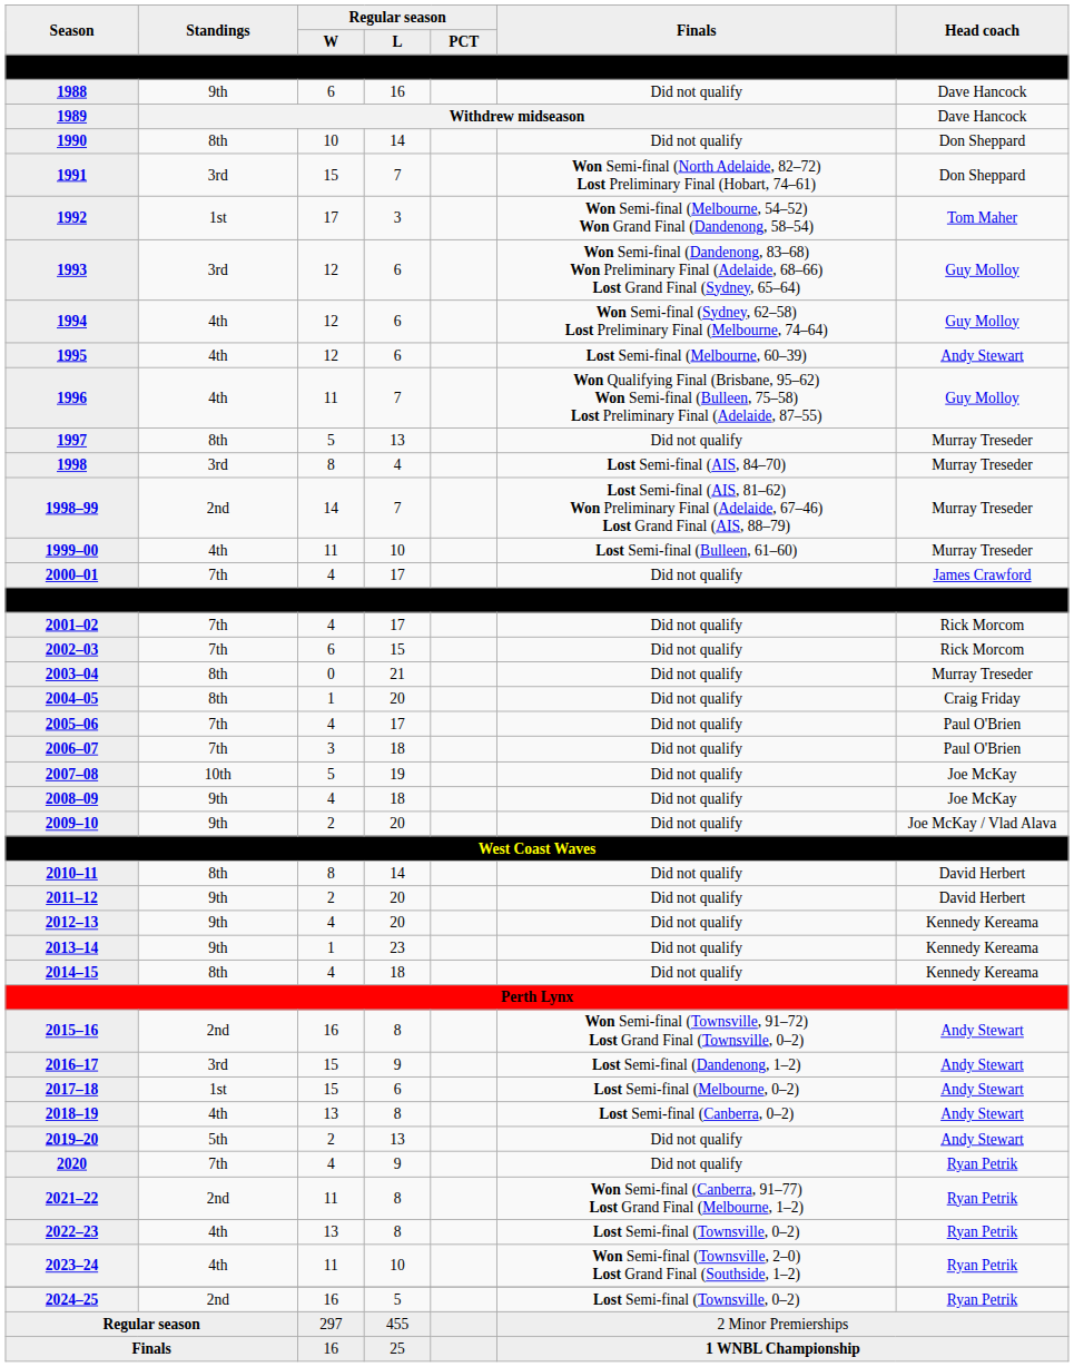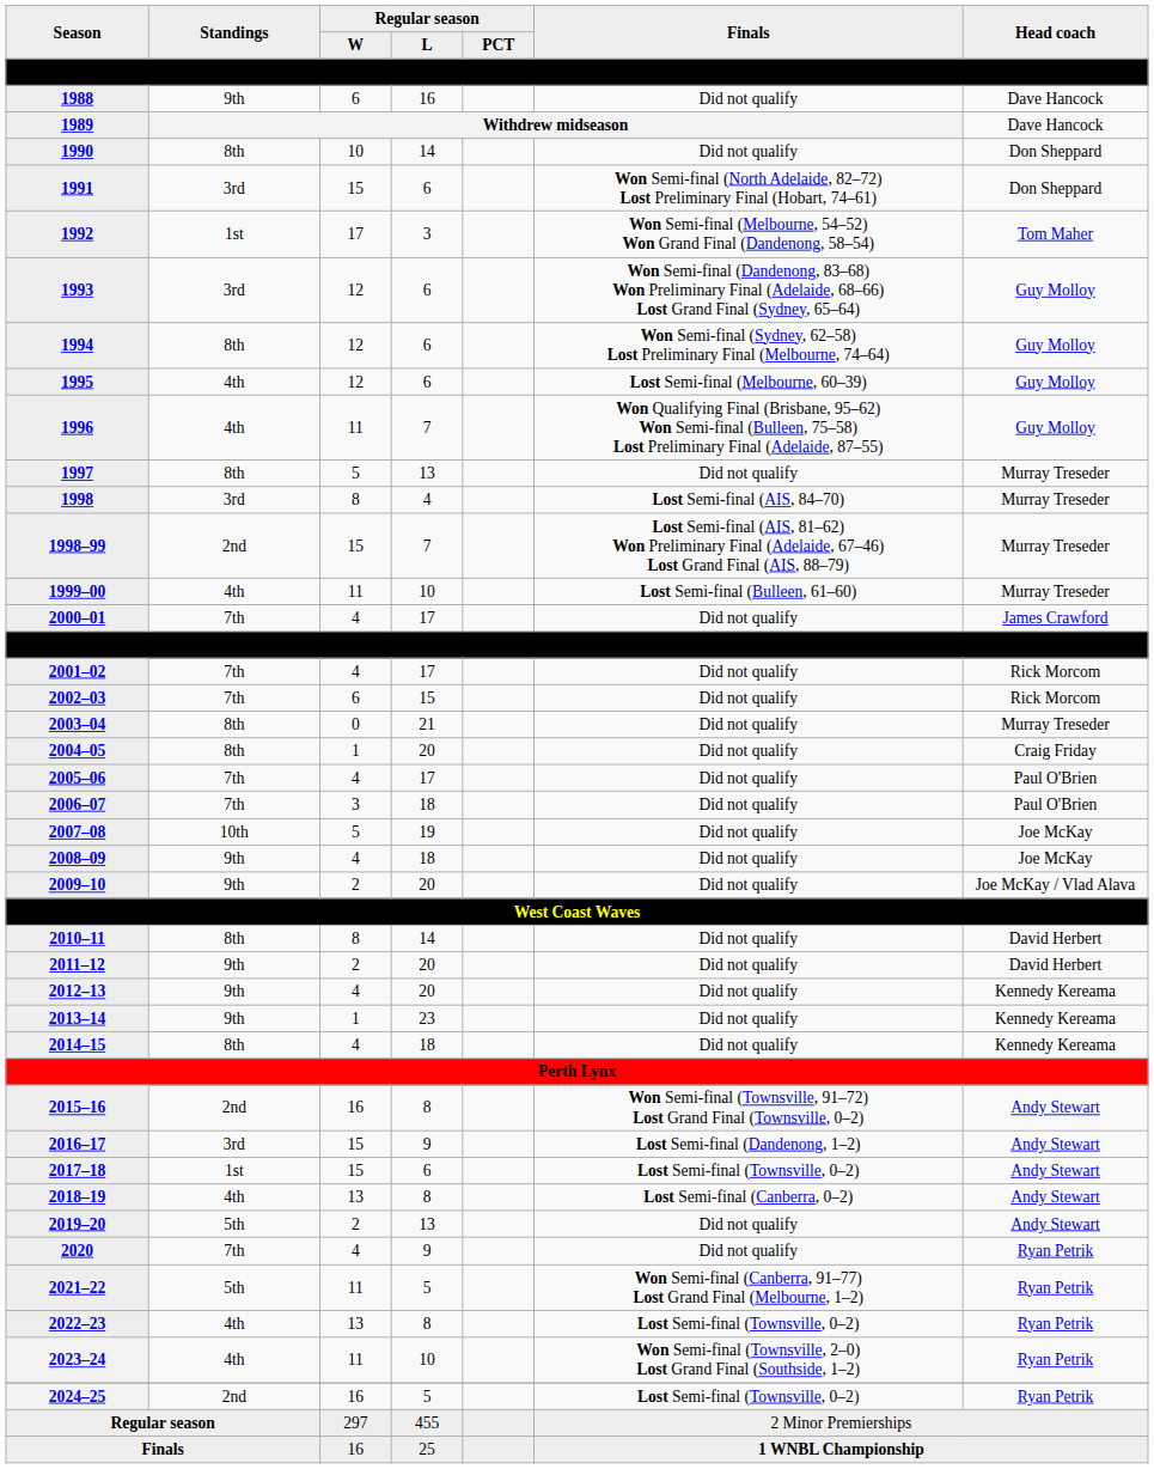 <table class="wikitable" style="font-size:95%; text-align: center; width: 85%; margin:1em auto;">
 <tr>
 <th rowspan=2 style="background:#eee; width: 10%;">Season</th>
 <th rowspan=2 style="background:#eee; width: 12%;">Standings</th>
 <th colspan=3 style="background:#eee; width: 15%;">Regular season</th>
 <th rowspan=2 style="background:#eee; width: 30%;">Finals</th>
 <th rowspan=2 style="background:#eee; width: 13%;">Head coach</th>
 </tr>
 <tr>
 <th style="background:#eee; width: 5%;">W</th>
 <th style="background:#eee; width: 5%;">L</th>
 <th style="background:#eee; width: 5%;">PCT</th>
 </tr>
 <tr>
 <th colspan=7 style="background:black"><span>Perth Breakers</span></th>
 </tr>
 <tr>
 <th scope="row" style="background:#eee;"><a href='#'>1988</a></th>
 <td>9th</td>
 <td>6</td>
 <td>16</td>
 <td></td>
 <td>Did not qualify</td>
 <td>Dave Hancock</td>
 </tr>
 <tr>
 <th scope="row" style="background:#eee;"><a href='#'>1989</a></th>
 <th colspan=5>Withdrew midseason</th>
 <td>Dave Hancock</td>
 </tr>
 <tr>
 <th scope="row" style="background:#eee;"><a href='#'>1990</a></th>
 <td>8th</td>
 <td>10</td>
 <td>14</td>
 <td></td>
 <td>Did not qualify</td>
 <td>Don Sheppard</td>
 </tr>
 <tr>
 <th scope="row" style="background:#eee;"><a href='#'>1991</a></th>
 <td>3rd</td>
 <td>15</td>
-<td>7</td>
+<td>6</td>
 <td></td>
 <td><strong>Won</strong> Semi-final (<a href='#'>North Adelaide</a>, 82–72) <br> <strong>Lost</strong> Preliminary Final (Hobart, 74–61)</td>
 <td>Don Sheppard</td>
 </tr>
 <tr>
 <th scope="row" style="background:#eee;"><a href='#'>1992</a></th>
 <td>1st</td>
 <td>17</td>
 <td>3</td>
 <td></td>
 <td><strong>Won</strong> Semi-final (<a href='#'>Melbourne</a>, 54–52) <br> <strong>Won</strong> Grand Final (<a href='#'>Dandenong</a>, 58–54)</td>
 <td><a href='#'>Tom Maher</a></td>
 </tr>
 <tr>
 <th scope="row" style="background:#eee;"><a href='#'>1993</a></th>
 <td>3rd</td>
 <td>12</td>
 <td>6</td>
 <td></td>
 <td><strong>Won</strong> Semi-final (<a href='#'>Dandenong</a>, 83–68) <br> <strong>Won</strong> Preliminary Final (<a href='#'>Adelaide</a>, 68–66) <br> <strong>Lost</strong> Grand Final (<a href='#'>Sydney</a>, 65–64)</td>
 <td><a href='#'>Guy Molloy</a></td>
 </tr>
 <tr>
 <th scope="row" style="background:#eee;"><a href='#'>1994</a></th>
-<td>4th</td>
+<td>8th</td>
 <td>12</td>
 <td>6</td>
 <td></td>
 <td><strong>Won</strong> Semi-final (<a href='#'>Sydney</a>, 62–58) <br> <strong>Lost</strong> Preliminary Final (<a href='#'>Melbourne</a>, 74–64)</td>
 <td><a href='#'>Guy Molloy</a></td>
 </tr>
 <tr>
 <th scope="row" style="background:#eee;"><a href='#'>1995</a></th>
 <td>4th</td>
 <td>12</td>
 <td>6</td>
 <td></td>
 <td><strong>Lost</strong> Semi-final (<a href='#'>Melbourne</a>, 60–39)</td>
-<td><a href='#'>Andy Stewart</a></td>
+<td><a href='#'>Guy Molloy</a></td>
 </tr>
 <tr>
 <th scope="row" style="background:#eee;"><a href='#'>1996</a></th>
 <td>4th</td>
 <td>11</td>
 <td>7</td>
 <td></td>
 <td><strong>Won</strong> Qualifying Final (Brisbane, 95–62) <br> <strong>Won</strong> Semi-final (<a href='#'>Bulleen</a>, 75–58) <br> <strong>Lost</strong> Preliminary Final (<a href='#'>Adelaide</a>, 87–55)</td>
 <td><a href='#'>Guy Molloy</a></td>
 </tr>
 <tr>
 <th scope="row" style="background:#eee;"><a href='#'>1997</a></th>
 <td>8th</td>
 <td>5</td>
 <td>13</td>
 <td></td>
 <td>Did not qualify</td>
 <td>Murray Treseder</td>
 </tr>
 <tr>
 <th scope="row" style="background:#eee;"><a href='#'>1998</a></th>
 <td>3rd</td>
 <td>8</td>
 <td>4</td>
 <td></td>
 <td><strong>Lost</strong> Semi-final (<a href='#'>AIS</a>, 84–70)</td>
 <td>Murray Treseder</td>
 </tr>
 <tr>
 <th scope="row" style="background:#eee;"><a href='#'>1998–99</a></th>
 <td>2nd</td>
-<td>14</td>
+<td>15</td>
 <td>7</td>
 <td></td>
 <td><strong>Lost</strong> Semi-final (<a href='#'>AIS</a>, 81–62) <br> <strong>Won</strong> Preliminary Final (<a href='#'>Adelaide</a>, 67–46) <br> <strong>Lost</strong> Grand Final (<a href='#'>AIS</a>, 88–79)</td>
 <td>Murray Treseder</td>
 </tr>
 <tr>
 <th scope="row" style="background:#eee;"><a href='#'>1999–00</a></th>
 <td>4th</td>
 <td>11</td>
 <td>10</td>
 <td></td>
 <td><strong>Lost</strong> Semi-final (<a href='#'>Bulleen</a>, 61–60)</td>
 <td>Murray Treseder</td>
 </tr>
 <tr>
 <th scope="row" style="background:#eee;"><a href='#'>2000–01</a></th>
 <td>7th</td>
 <td>4</td>
 <td>17</td>
 <td></td>
 <td>Did not qualify</td>
 <td><a href='#'>James Crawford</a></td>
 </tr>
 <tr>
 <th colspan=7 style="background:black"><span>Perth Lynx</span></th>
 </tr>
 <tr>
 <th scope="row" style="background:#eee;"><a href='#'>2001–02</a></th>
 <td>7th</td>
 <td>4</td>
 <td>17</td>
 <td></td>
 <td>Did not qualify</td>
 <td>Rick Morcom</td>
 </tr>
 <tr>
 <th scope="row" style="background:#eee;"><a href='#'>2002–03</a></th>
 <td>7th</td>
 <td>6</td>
 <td>15</td>
 <td></td>
 <td>Did not qualify</td>
 <td>Rick Morcom</td>
 </tr>
 <tr>
 <th scope="row" style="background:#eee;"><a href='#'>2003–04</a></th>
 <td>8th</td>
 <td>0</td>
 <td>21</td>
 <td></td>
 <td>Did not qualify</td>
 <td>Murray Treseder</td>
 </tr>
 <tr>
 <th scope="row" style="background:#eee;"><a href='#'>2004–05</a></th>
 <td>8th</td>
 <td>1</td>
 <td>20</td>
 <td></td>
 <td>Did not qualify</td>
 <td>Craig Friday</td>
 </tr>
 <tr>
 <th scope="row" style="background:#eee;"><a href='#'>2005–06</a></th>
 <td>7th</td>
 <td>4</td>
 <td>17</td>
 <td></td>
 <td>Did not qualify</td>
 <td>Paul O'Brien</td>
 </tr>
 <tr>
 <th scope="row" style="background:#eee;"><a href='#'>2006–07</a></th>
 <td>7th</td>
 <td>3</td>
 <td>18</td>
 <td></td>
 <td>Did not qualify</td>
 <td>Paul O'Brien</td>
 </tr>
 <tr>
 <th scope="row" style="background:#eee;"><a href='#'>2007–08</a></th>
 <td>10th</td>
 <td>5</td>
 <td>19</td>
 <td></td>
 <td>Did not qualify</td>
 <td>Joe McKay</td>
 </tr>
 <tr>
 <th scope="row" style="background:#eee;"><a href='#'>2008–09</a></th>
 <td>9th</td>
 <td>4</td>
 <td>18</td>
 <td></td>
 <td>Did not qualify</td>
 <td>Joe McKay</td>
 </tr>
 <tr>
 <th scope="row" style="background:#eee;"><a href='#'>2009–10</a></th>
 <td>9th</td>
 <td>2</td>
 <td>20</td>
 <td></td>
 <td>Did not qualify</td>
 <td>Joe McKay / Vlad Alava</td>
 </tr>
 <tr>
 <th colspan=7 style="background:black; color:yellow;">West Coast Waves</th>
 </tr>
 <tr>
 <th scope="row" style="background:#eee;"><a href='#'>2010–11</a></th>
 <td>8th</td>
 <td>8</td>
 <td>14</td>
 <td></td>
 <td>Did not qualify</td>
 <td>David Herbert</td>
 </tr>
 <tr>
 <th scope="row" style="background:#eee;"><a href='#'>2011–12</a></th>
 <td>9th</td>
 <td>2</td>
 <td>20</td>
 <td></td>
 <td>Did not qualify</td>
 <td>David Herbert</td>
 </tr>
 <tr>
 <th scope="row" style="background:#eee;"><a href='#'>2012–13</a></th>
 <td>9th</td>
 <td>4</td>
 <td>20</td>
 <td></td>
 <td>Did not qualify</td>
 <td>Kennedy Kereama</td>
 </tr>
 <tr>
 <th scope="row" style="background:#eee;"><a href='#'>2013–14</a></th>
 <td>9th</td>
 <td>1</td>
 <td>23</td>
 <td></td>
 <td>Did not qualify</td>
 <td>Kennedy Kereama</td>
 </tr>
 <tr>
 <th scope="row" style="background:#eee;"><a href='#'>2014–15</a></th>
 <td>8th</td>
 <td>4</td>
 <td>18</td>
 <td></td>
 <td>Did not qualify</td>
 <td>Kennedy Kereama</td>
 </tr>
 <tr>
 <th colspan=7 style="background:red; colour:black;">Perth Lynx</th>
 </tr>
 <tr>
 <th scope="row" style="background:#eee;"><a href='#'>2015–16</a></th>
 <td>2nd</td>
 <td>16</td>
 <td>8</td>
 <td></td>
 <td><strong>Won</strong> Semi-final (<a href='#'>Townsville</a>, 91–72) <br> <strong>Lost</strong> Grand Final (<a href='#'>Townsville</a>, 0–2)</td>
 <td><a href='#'>Andy Stewart</a></td>
 </tr>
 <tr>
 <th scope="row" style="background:#eee;"><a href='#'>2016–17</a></th>
 <td>3rd</td>
 <td>15</td>
 <td>9</td>
 <td></td>
 <td><strong>Lost</strong> Semi-final (<a href='#'>Dandenong</a>, 1–2)</td>
 <td><a href='#'>Andy Stewart</a></td>
 </tr>
 <tr>
 <th scope="row" style="background:#eee;"><a href='#'>2017–18</a></th>
 <td>1st</td>
 <td>15</td>
 <td>6</td>
 <td></td>
-<td><strong>Lost</strong> Semi-final (<a href='#'>Melbourne</a>, 0–2)</td>
+<td><strong>Lost</strong> Semi-final (<a href='#'>Townsville</a>, 0–2)</td>
 <td><a href='#'>Andy Stewart</a></td>
 </tr>
 <tr>
 <th scope="row" style="background:#eee;"><a href='#'>2018–19</a></th>
 <td>4th</td>
 <td>13</td>
 <td>8</td>
 <td></td>
 <td><strong>Lost</strong> Semi-final (<a href='#'>Canberra</a>, 0–2)</td>
 <td><a href='#'>Andy Stewart</a></td>
 </tr>
 <tr>
 <th scope="row" style="background:#eee;"><a href='#'>2019–20</a></th>
 <td>5th</td>
 <td>2</td>
 <td>13</td>
 <td></td>
 <td>Did not qualify</td>
 <td><a href='#'>Andy Stewart</a></td>
 </tr>
 <tr>
 <th scope="row" style="background:#eee;"><a href='#'>2020</a></th>
 <td>7th</td>
 <td>4</td>
 <td>9</td>
 <td></td>
 <td>Did not qualify</td>
 <td><a href='#'>Ryan Petrik</a></td>
 </tr>
 <tr>
 <th scope="row" style="background:#eee;"><a href='#'>2021–22</a></th>
-<td>2nd</td>
+<td>5th</td>
 <td>11</td>
-<td>8</td>
+<td>5</td>
 <td></td>
 <td><strong>Won</strong> Semi-final (<a href='#'>Canberra</a>, 91–77) <br> <strong>Lost</strong> Grand Final (<a href='#'>Melbourne</a>, 1–2)</td>
 <td><a href='#'>Ryan Petrik</a></td>
 </tr>
 <tr>
 <th scope="row" style="background:#eee;"><a href='#'>2022–23</a></th>
 <td>4th</td>
 <td>13</td>
 <td>8</td>
 <td></td>
 <td><strong>Lost</strong> Semi-final (<a href='#'>Townsville</a>, 0–2)</td>
 <td><a href='#'>Ryan Petrik</a></td>
 </tr>
 <tr>
 <th><a href='#'>2023–24</a></th>
 <td>4th</td>
 <td>11</td>
 <td>10</td>
 <td></td>
 <td><strong>Won</strong> Semi-final (<a href='#'>Townsville</a>, 2–0) <br> <strong>Lost</strong> Grand Final (<a href='#'>Southside</a>, 1–2)</td>
 <td><a href='#'>Ryan Petrik</a></td>
 </tr>
 <tr>
 </tr>
 <tr>
 <th><a href='#'>2024–25</a></th>
 <td>2nd</td>
 <td>16</td>
 <td>5</td>
 <td></td>
 <td><strong>Lost</strong> Semi-final (<a href='#'>Townsville</a>, 0–2)</td>
 <td><a href='#'>Ryan Petrik</a></td>
 </tr>
 <tr>
 <th colspan=2 style="background:#eee;">Regular season</th>
 <td style="background:#eee;">297</td>
 <td style="background:#eee;">455</td>
 <td style="background:#eee;"></td>
 <td colspan=2 style="background:#eee;">2 Minor Premierships</td>
 </tr>
 <tr>
 <th colspan=2 style="background:#eee;">Finals</th>
 <td style="background:#eee;">16</td>
 <td style="background:#eee;">25</td>
 <td style="background:#eee;"></td>
 <td colspan=2 style="background:#eee;"><strong>1 WNBL Championship</strong></td>
 </tr>
 </table>
